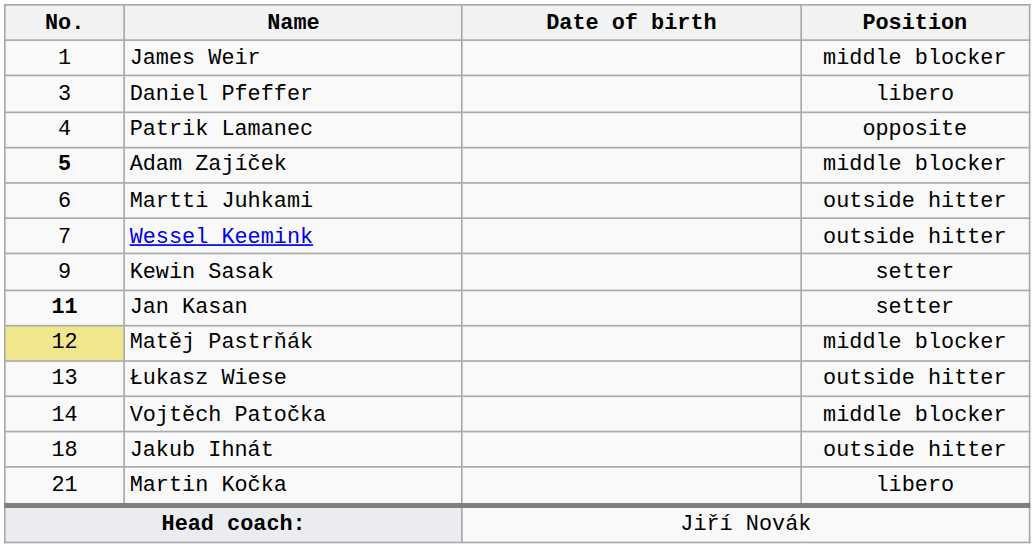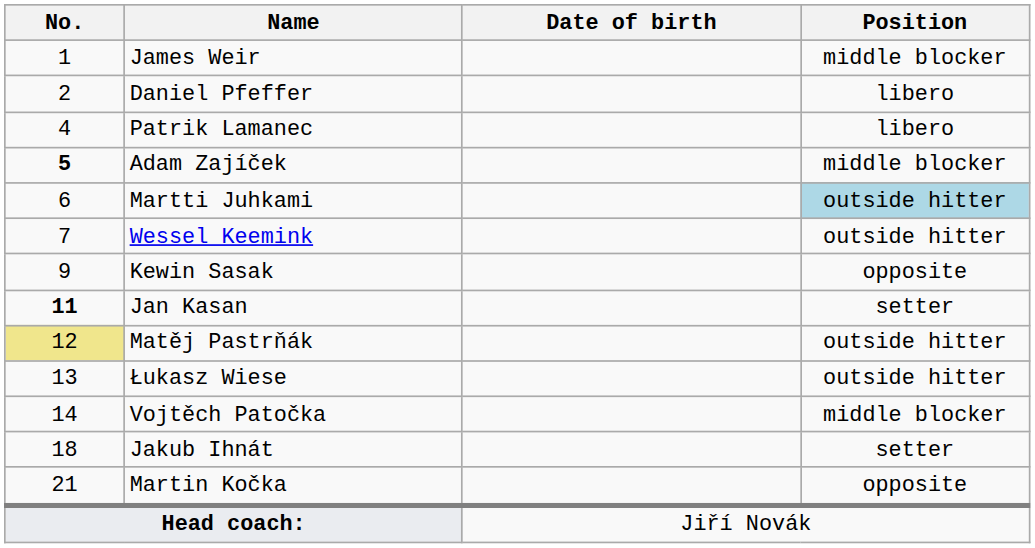 <table class="wikitable sortable" style="font-size:100%; text-align:center;">
 <tr>
 <th style="width:5em">No.</th>
 <th style="width:15em">Name</th>
 <th style="width:15em">Date of birth</th>
 <th style="width:10em">Position</th>
 </tr>
 <tr>
 <td>1</td>
 <td align=left> James Weir</td>
 <td align=right></td>
 <td>middle blocker</td>
 </tr>
 <tr>
-<td>3</td>
+<td>2</td>
 <td align=left> Daniel Pfeffer</td>
 <td align=right></td>
 <td>libero</td>
 </tr>
 <tr>
 <td>4</td>
 <td align=left> Patrik Lamanec</td>
 <td align=right></td>
-<td>opposite</td>
+<td>libero</td>
 </tr>
 <tr>
 <td><strong>5</strong></td>
 <td align=left> Adam Zajíček</td>
 <td align=right></td>
 <td>middle blocker</td>
 </tr>
 <tr>
 <td>6</td>
 <td align=left> Martti Juhkami</td>
 <td align=right></td>
-<td>outside hitter</td>
+<td style="background: lightblue;">outside hitter</td>
 </tr>
 <tr>
 <td>7</td>
 <td align=left> <a href='#'>Wessel Keemink</a></td>
 <td align=right></td>
 <td>outside hitter</td>
 </tr>
 <tr>
 <td>9</td>
 <td align=left> Kewin Sasak</td>
 <td align=right></td>
-<td>setter</td>
+<td>opposite</td>
 </tr>
 <tr>
 <td><strong>11</strong></td>
 <td align=left> Jan Kasan</td>
 <td align=right></td>
 <td>setter</td>
 </tr>
 <tr>
 <td style="background: khaki;">12</td>
 <td align=left> Matěj Pastrňák</td>
 <td align=right></td>
-<td>middle blocker</td>
+<td>outside hitter</td>
 </tr>
 <tr>
 <td>13</td>
 <td align=left> Łukasz Wiese</td>
 <td align=right></td>
 <td>outside hitter</td>
 </tr>
 <tr>
 <td>14</td>
 <td align=left> Vojtěch Patočka</td>
 <td align=right></td>
 <td>middle blocker</td>
 </tr>
 <tr>
 <td>18</td>
 <td align=left> Jakub Ihnát</td>
 <td align=right></td>
-<td>outside hitter</td>
+<td>setter</td>
 </tr>
 <tr>
 <td>21</td>
 <td align=left> Martin Kočka</td>
 <td align=right></td>
-<td>libero</td>
+<td>opposite</td>
 </tr>
 <tr class="sortbottom" style="border-top: 3px solid grey">
 <td colspan=2 style="background:#EAECF0"><strong>Head coach:</strong></td>
 <td colspan=3> Jiří Novák</td>
 </tr>
 </table>
